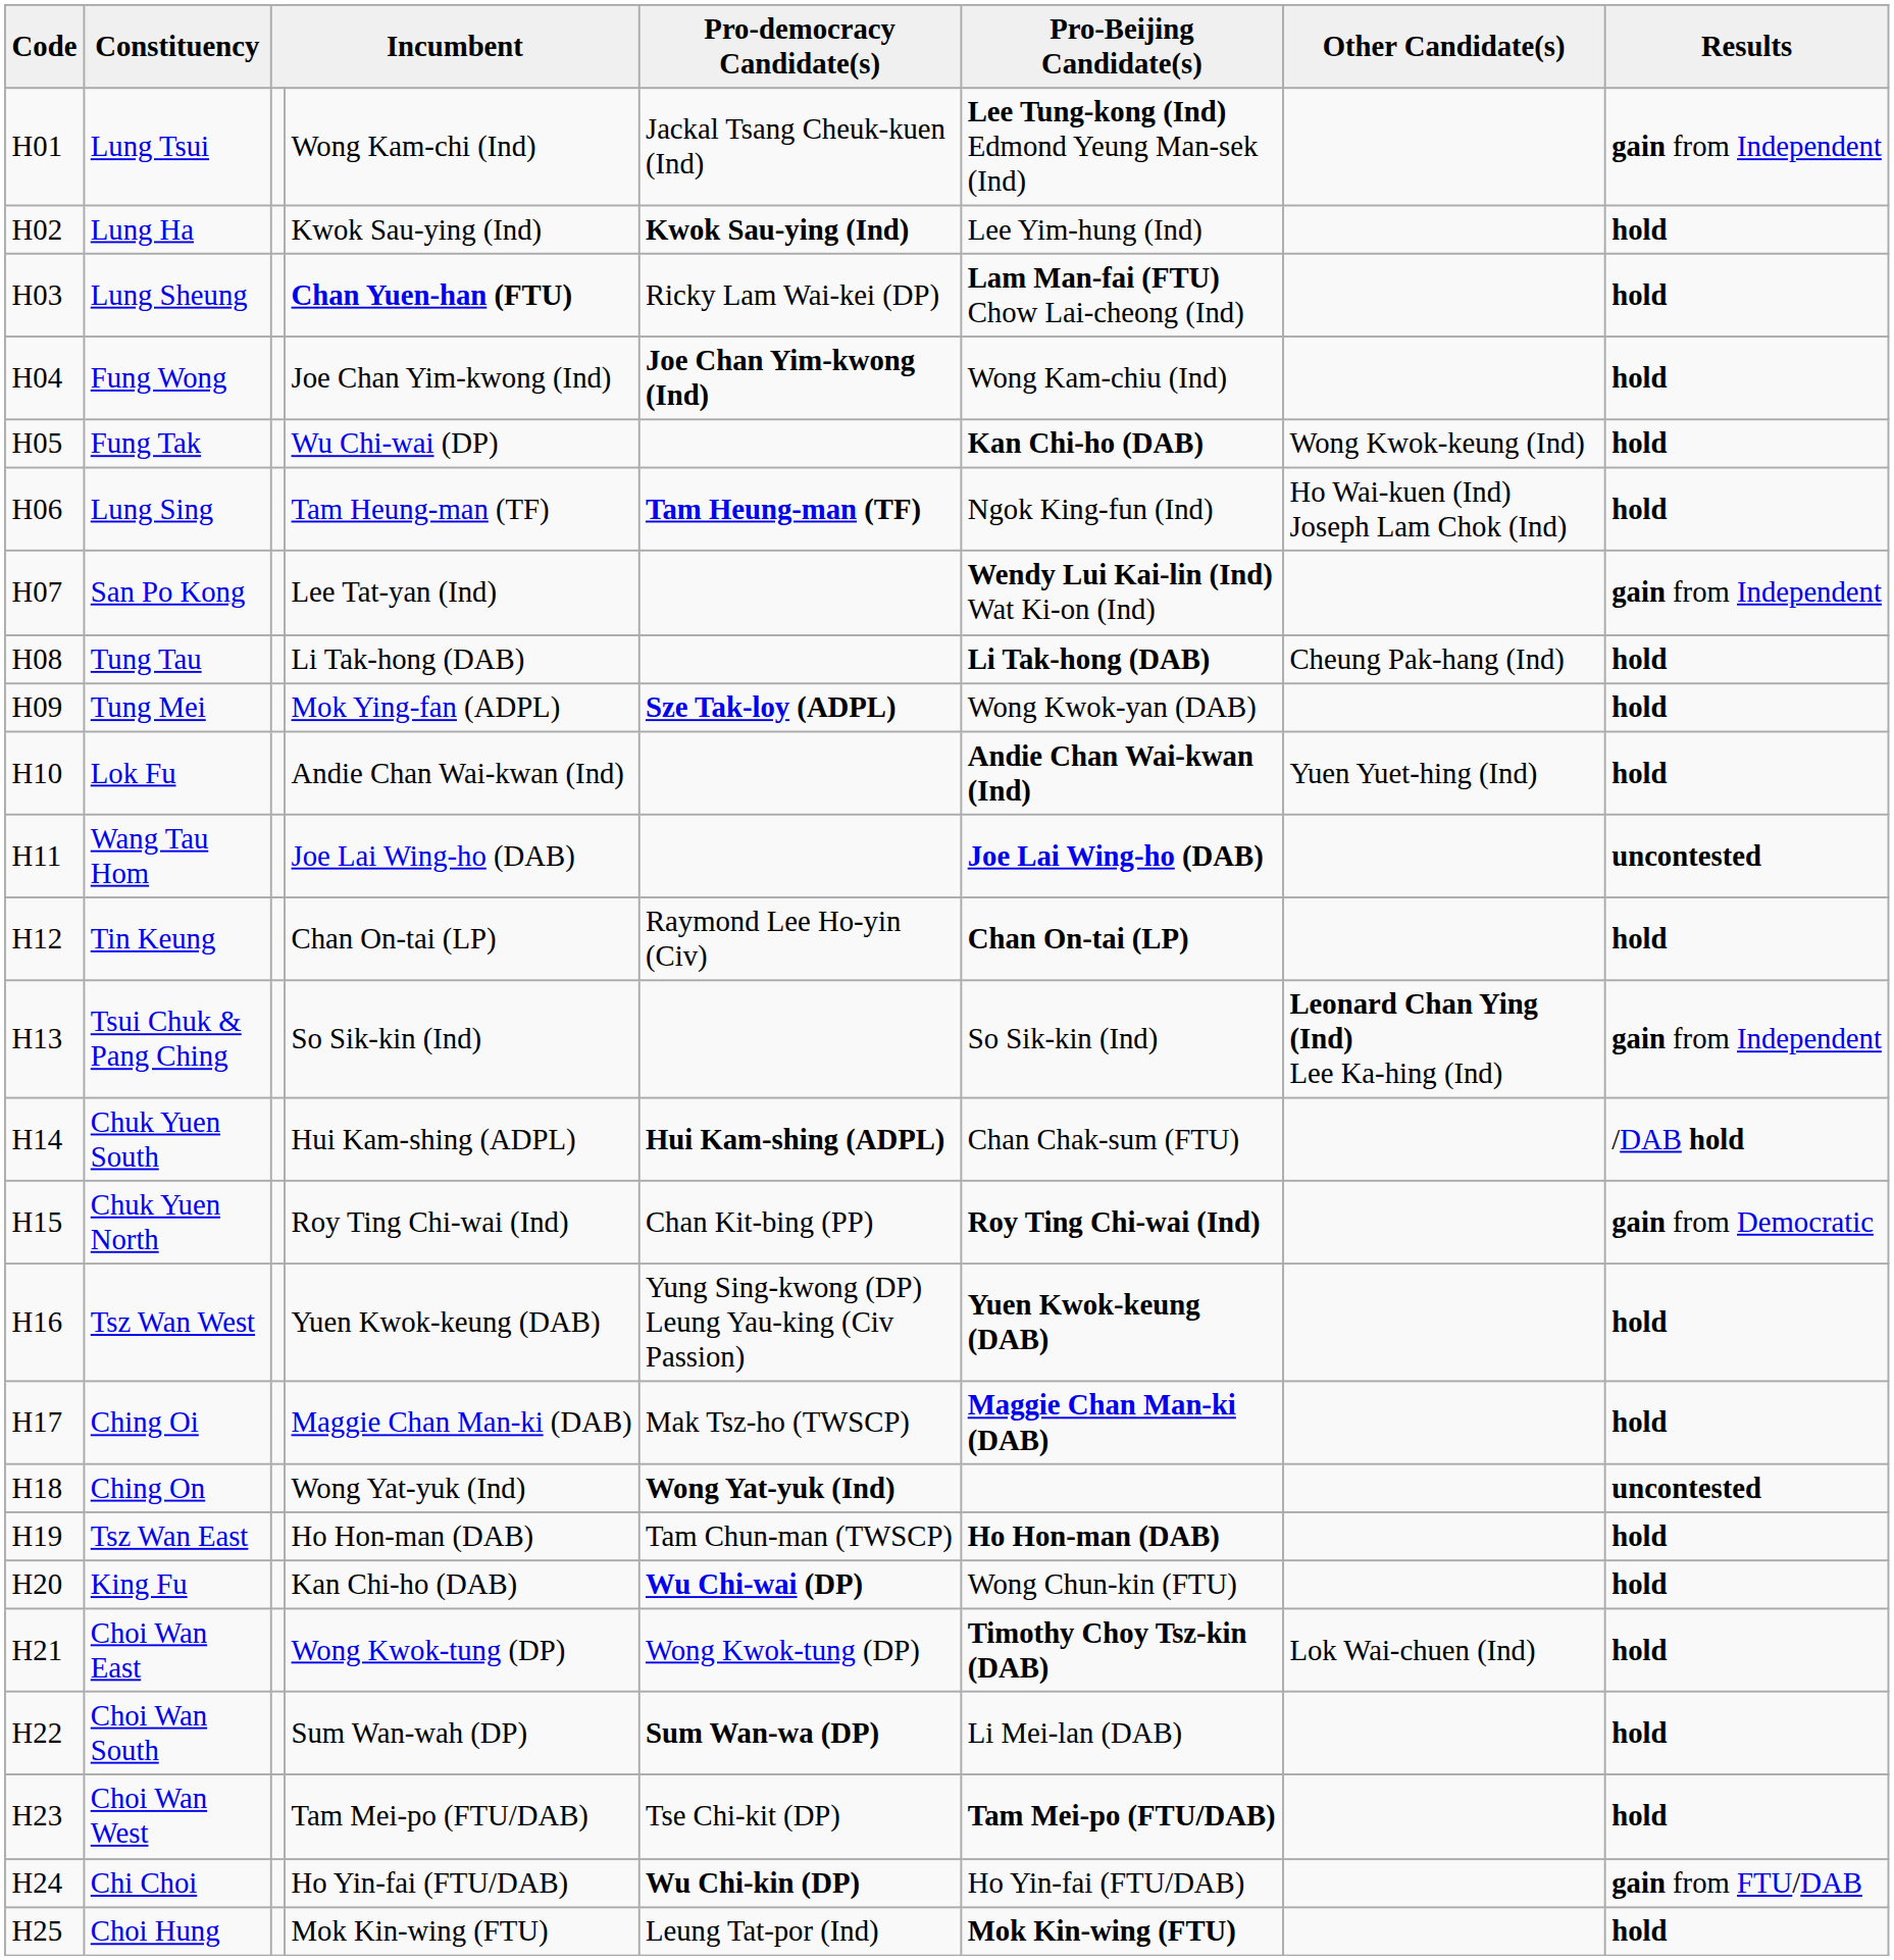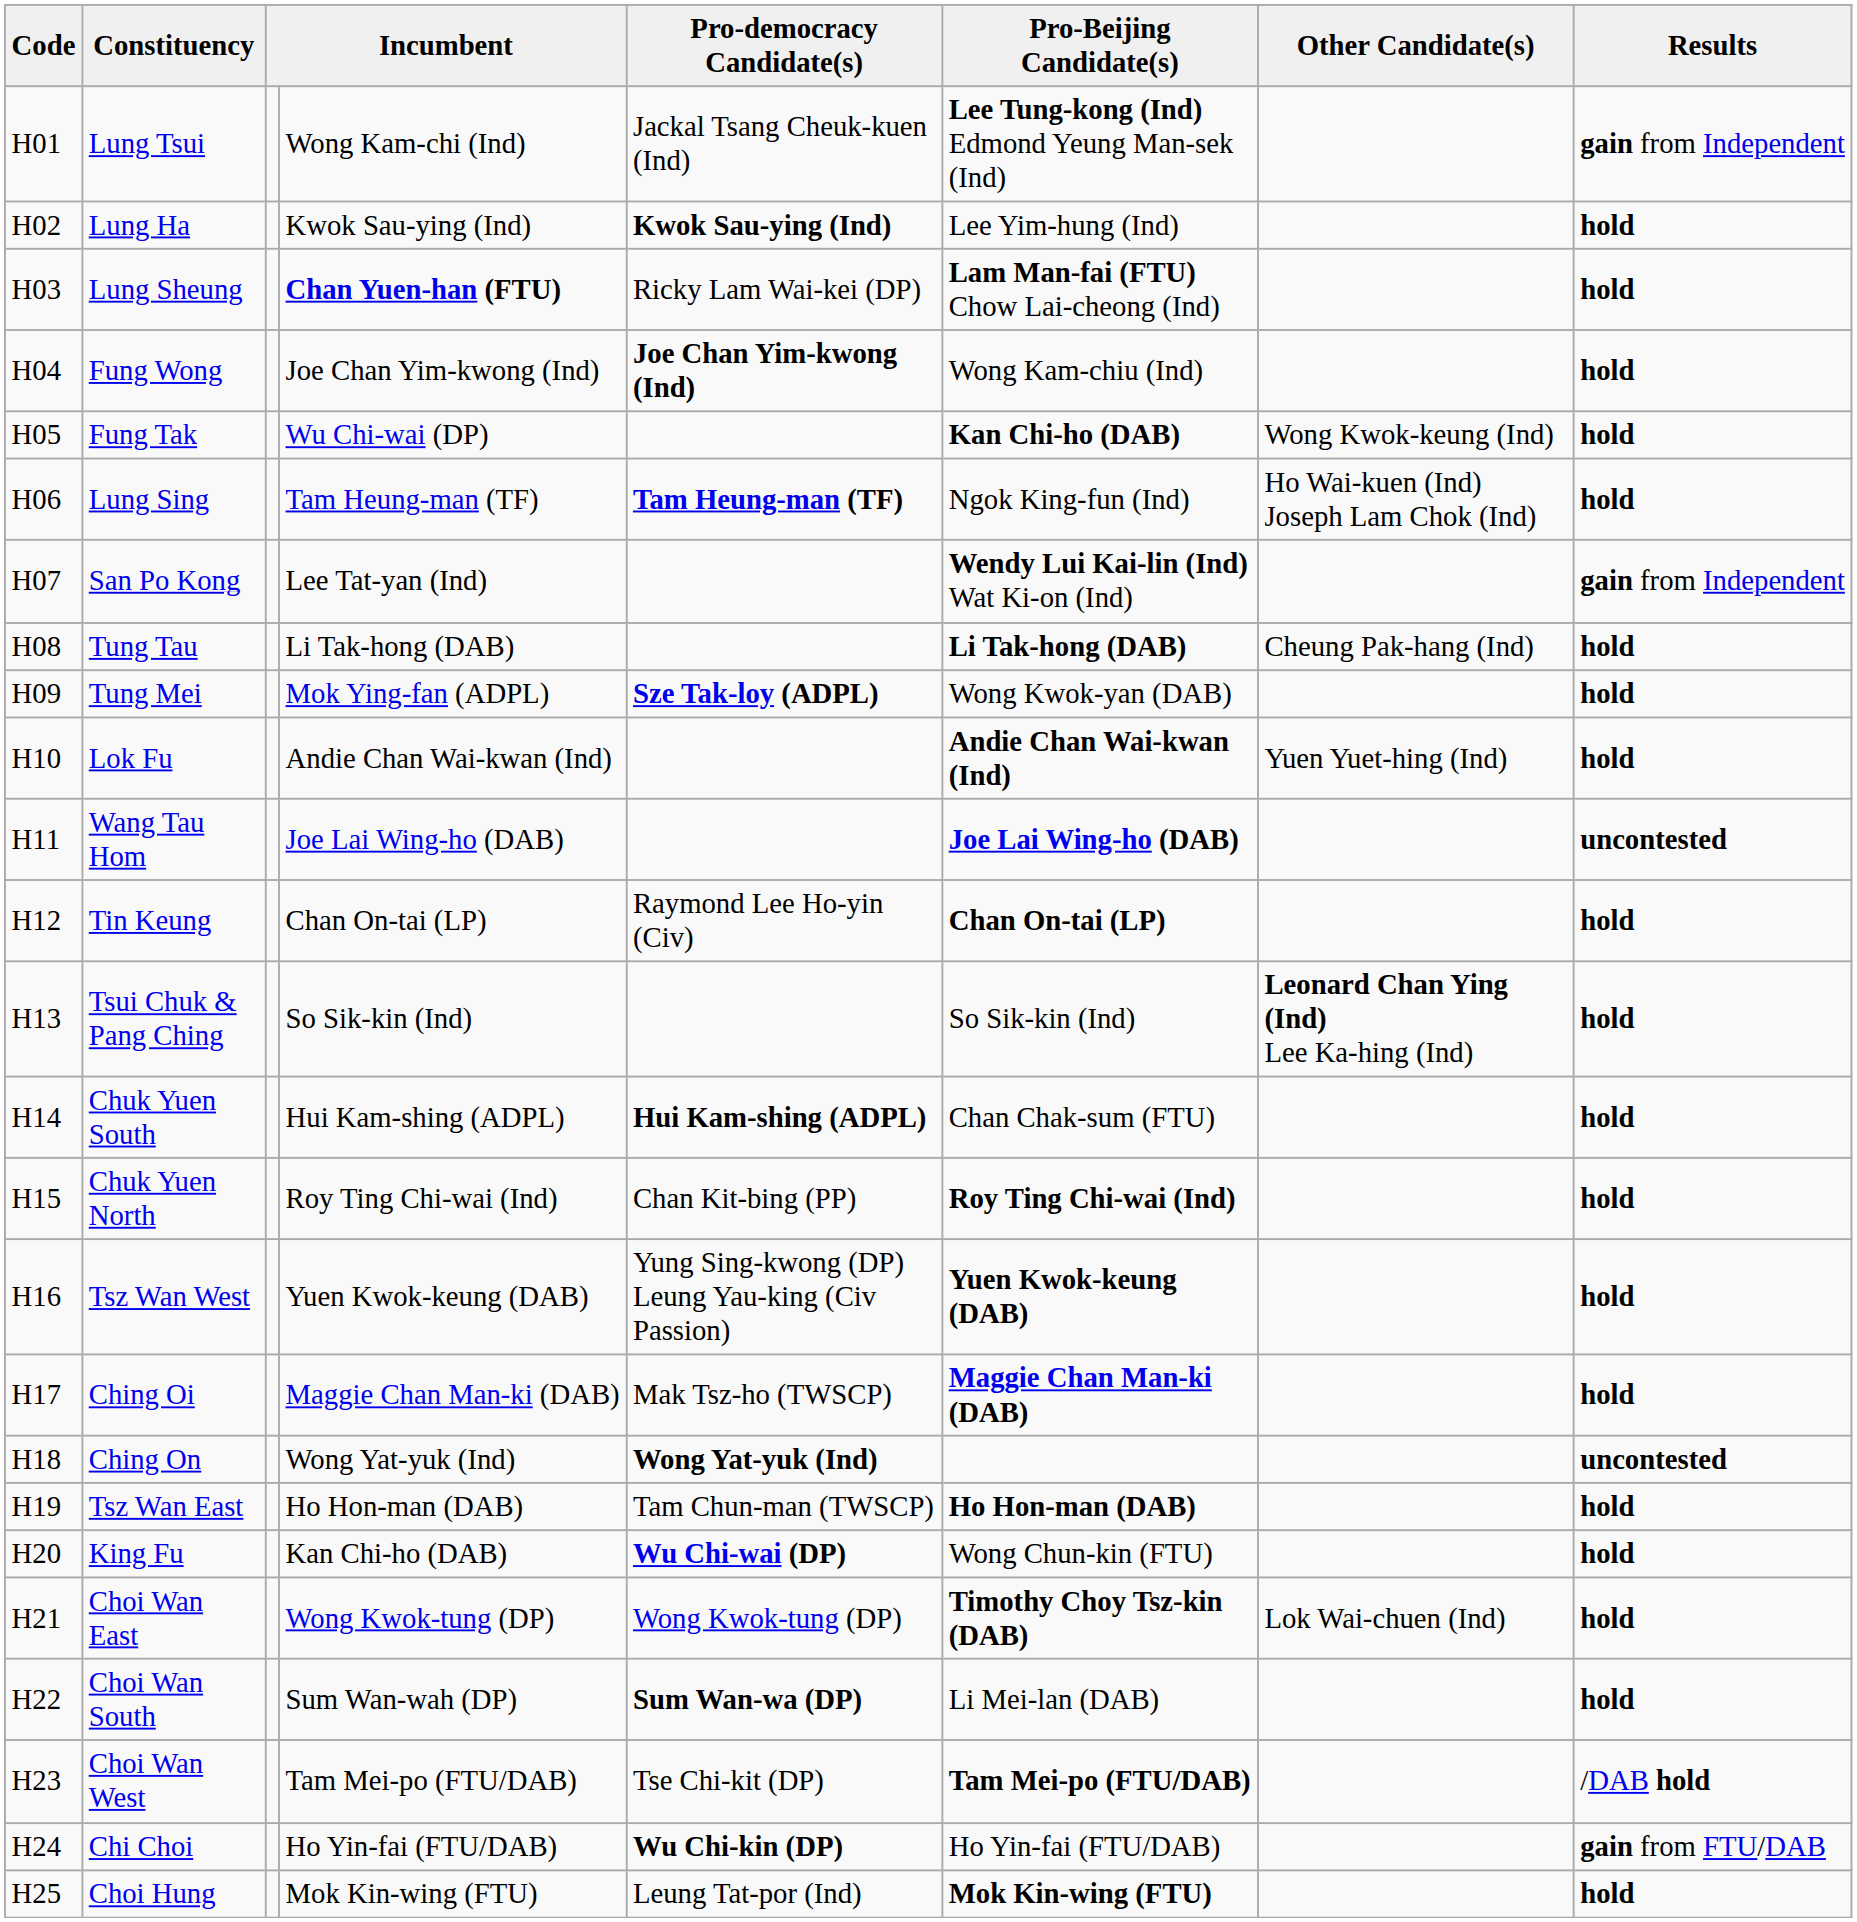 <table class="wikitable sortable" style="font-size: 95%;">
 <tr>
 <th align="center" style="background:#f0f0f0;" width="20px"><strong>Code</strong></th>
 <th align="center" style="background:#f0f0f0;" width="90px"><strong>Constituency</strong></th>
 <th align="center" style="background:#f0f0f0;" width="120px" colspan="2"><strong>Incumbent</strong></th>
 <th align="center" style="background:#f0f0f0;" width="160px"><strong>Pro-democracy Candidate(s)</strong></th>
 <th align="center" style="background:#f0f0f0;" width="160px"><strong>Pro-Beijing Candidate(s)</strong></th>
 <th align="center" style="background:#f0f0f0;" width="160px"><strong>Other Candidate(s)</strong></th>
 <th align="center" style="background:#f0f0f0;" width="100px" colspan="2"><strong>Results</strong></th>
 </tr>
 <tr>
 <td>H01</td>
 <td><a href='#'>Lung Tsui</a></td>
 <td></td>
 <td>Wong Kam-chi (Ind)</td>
 <td>Jackal Tsang Cheuk-kuen (Ind)</td>
 <td><strong>Lee Tung-kong (Ind)</strong><br>Edmond Yeung Man-sek (Ind)</td>
 <td></td>
 <td> <strong>gain</strong> from <a href='#'>Independent</a></td>
 </tr>
 <tr>
 <td>H02</td>
 <td><a href='#'>Lung Ha</a></td>
 <td></td>
 <td>Kwok Sau-ying (Ind)</td>
 <td><strong>Kwok Sau-ying (Ind)</strong></td>
 <td>Lee Yim-hung (Ind)</td>
 <td></td>
 <td> <strong>hold</strong></td>
 </tr>
 <tr>
 <td>H03</td>
 <td><a href='#'>Lung Sheung</a></td>
 <td></td>
 <td><strong><a href='#'>Chan Yuen-han</a> (FTU)</strong></td>
 <td>Ricky Lam Wai-kei (DP)</td>
 <td><strong>Lam Man-fai (FTU)</strong><br>Chow Lai-cheong (Ind)</td>
 <td></td>
 <td> <strong>hold</strong></td>
 </tr>
 <tr>
 <td>H04</td>
 <td><a href='#'>Fung Wong</a></td>
 <td></td>
 <td>Joe Chan Yim-kwong (Ind)</td>
 <td><strong>Joe Chan Yim-kwong (Ind)</strong></td>
 <td>Wong Kam-chiu (Ind)</td>
 <td></td>
 <td> <strong>hold</strong></td>
 </tr>
 <tr>
 <td>H05</td>
 <td><a href='#'>Fung Tak</a></td>
 <td></td>
 <td><a href='#'>Wu Chi-wai</a> (DP)</td>
 <td></td>
 <td><strong>Kan Chi-ho (DAB)</strong></td>
 <td>Wong Kwok-keung (Ind)</td>
 <td> <strong>hold</strong></td>
 </tr>
 <tr>
 <td>H06</td>
 <td><a href='#'>Lung Sing</a></td>
 <td></td>
 <td><a href='#'>Tam Heung-man</a> (TF)</td>
 <td><strong><a href='#'>Tam Heung-man</a> (TF)</strong></td>
 <td>Ngok King-fun (Ind)</td>
 <td>Ho Wai-kuen (Ind)<br>Joseph Lam Chok (Ind)</td>
 <td> <strong>hold</strong></td>
 </tr>
 <tr>
 <td>H07</td>
 <td><a href='#'>San Po Kong</a></td>
 <td></td>
 <td>Lee Tat-yan (Ind)</td>
 <td></td>
 <td><strong>Wendy Lui Kai-lin (Ind)</strong><br>Wat Ki-on (Ind)</td>
 <td></td>
 <td> <strong>gain</strong> from <a href='#'>Independent</a></td>
 </tr>
 <tr>
 <td>H08</td>
 <td><a href='#'>Tung Tau</a></td>
 <td></td>
 <td>Li Tak-hong (DAB)</td>
 <td></td>
 <td><strong>Li Tak-hong (DAB)</strong></td>
 <td>Cheung Pak-hang (Ind)</td>
 <td> <strong>hold</strong></td>
 </tr>
 <tr>
 <td>H09</td>
 <td><a href='#'>Tung Mei</a></td>
 <td></td>
 <td><a href='#'>Mok Ying-fan</a> (ADPL)</td>
 <td><strong><a href='#'>Sze Tak-loy</a> (ADPL)</strong></td>
 <td>Wong Kwok-yan (DAB)</td>
 <td></td>
 <td> <strong>hold</strong></td>
 </tr>
 <tr>
 <td>H10</td>
 <td><a href='#'>Lok Fu</a></td>
 <td></td>
 <td>Andie Chan Wai-kwan (Ind)</td>
 <td></td>
 <td><strong>Andie Chan Wai-kwan (Ind)</strong></td>
 <td>Yuen Yuet-hing (Ind)</td>
 <td> <strong>hold</strong></td>
 </tr>
 <tr>
 <td>H11</td>
 <td><a href='#'>Wang Tau Hom</a></td>
 <td></td>
 <td><a href='#'>Joe Lai Wing-ho</a> (DAB)</td>
 <td></td>
 <td><strong><a href='#'>Joe Lai Wing-ho</a> (DAB)</strong></td>
 <td></td>
 <td> <strong>uncontested</strong></td>
 </tr>
 <tr>
 <td>H12</td>
 <td><a href='#'>Tin Keung</a></td>
 <td></td>
 <td>Chan On-tai (LP)</td>
 <td>Raymond Lee Ho-yin (Civ)</td>
 <td><strong>Chan On-tai (LP)</strong></td>
 <td></td>
 <td> <strong>hold</strong></td>
 </tr>
 <tr>
 <td>H13</td>
 <td><a href='#'>Tsui Chuk & Pang Ching</a></td>
 <td></td>
 <td>So Sik-kin (Ind)</td>
 <td></td>
 <td>So Sik-kin (Ind)</td>
 <td><strong>Leonard Chan Ying (Ind)</strong><br>Lee Ka-hing (Ind)</td>
-<td> <strong>gain</strong> from <a href='#'>Independent</a></td>
+<td> <strong>hold</strong></td>
 </tr>
 <tr>
 <td>H14</td>
 <td><a href='#'>Chuk Yuen South</a></td>
 <td></td>
 <td>Hui Kam-shing (ADPL)</td>
 <td><strong>Hui Kam-shing (ADPL)</strong></td>
 <td>Chan Chak-sum (FTU)</td>
 <td></td>
-<td>/<a href='#'>DAB</a> <strong>hold</strong></td>
+<td> <strong>hold</strong></td>
 </tr>
 <tr>
 <td>H15</td>
 <td><a href='#'>Chuk Yuen North</a></td>
 <td></td>
 <td>Roy Ting Chi-wai (Ind)</td>
 <td>Chan Kit-bing (PP)</td>
 <td><strong>Roy Ting Chi-wai (Ind)</strong></td>
 <td></td>
-<td> <strong>gain</strong> from <a href='#'>Democratic</a></td>
+<td> <strong>hold</strong></td>
 </tr>
 <tr>
 <td>H16</td>
 <td><a href='#'>Tsz Wan West</a></td>
 <td></td>
 <td>Yuen Kwok-keung (DAB)</td>
 <td>Yung Sing-kwong (DP)<br>Leung Yau-king (Civ Passion)</td>
 <td><strong>Yuen Kwok-keung (DAB)</strong></td>
 <td></td>
 <td> <strong>hold</strong></td>
 </tr>
 <tr>
 <td>H17</td>
 <td><a href='#'>Ching Oi</a></td>
 <td></td>
 <td><a href='#'>Maggie Chan Man-ki</a> (DAB)</td>
 <td>Mak Tsz-ho (TWSCP)</td>
 <td><strong><a href='#'>Maggie Chan Man-ki</a> (DAB)</strong></td>
 <td></td>
 <td> <strong>hold</strong></td>
 </tr>
 <tr>
 <td>H18</td>
 <td><a href='#'>Ching On</a></td>
 <td></td>
 <td>Wong Yat-yuk (Ind)</td>
 <td><strong>Wong Yat-yuk (Ind)</strong></td>
 <td></td>
 <td></td>
 <td> <strong>uncontested</strong></td>
 </tr>
 <tr>
 <td>H19</td>
 <td><a href='#'>Tsz Wan East</a></td>
 <td></td>
 <td>Ho Hon-man (DAB)</td>
 <td>Tam Chun-man (TWSCP)</td>
 <td><strong>Ho Hon-man (DAB)</strong></td>
 <td></td>
 <td> <strong>hold</strong></td>
 </tr>
 <tr>
 <td>H20</td>
 <td><a href='#'>King Fu</a></td>
 <td></td>
 <td>Kan Chi-ho (DAB)</td>
 <td><strong><a href='#'>Wu Chi-wai</a> (DP)</strong></td>
 <td>Wong Chun-kin (FTU)</td>
 <td></td>
 <td> <strong>hold</strong></td>
 </tr>
 <tr>
 <td>H21</td>
 <td><a href='#'>Choi Wan East</a></td>
 <td></td>
 <td><a href='#'>Wong Kwok-tung</a> (DP)</td>
 <td><a href='#'>Wong Kwok-tung</a> (DP)</td>
 <td><strong>Timothy Choy Tsz-kin (DAB)</strong></td>
 <td>Lok Wai-chuen (Ind)</td>
 <td> <strong>hold</strong></td>
 </tr>
 <tr>
 <td>H22</td>
 <td><a href='#'>Choi Wan South</a></td>
 <td></td>
 <td>Sum Wan-wah (DP)</td>
 <td><strong>Sum Wan-wa (DP)</strong></td>
 <td>Li Mei-lan (DAB)</td>
 <td></td>
 <td> <strong>hold</strong></td>
 </tr>
 <tr>
 <td>H23</td>
 <td><a href='#'>Choi Wan West</a></td>
 <td></td>
 <td>Tam Mei-po  (FTU/DAB)</td>
 <td>Tse Chi-kit (DP)</td>
 <td><strong>Tam Mei-po (FTU/DAB)</strong></td>
 <td></td>
-<td> <strong>hold</strong></td>
+<td>/<a href='#'>DAB</a> <strong>hold</strong></td>
 </tr>
 <tr>
 <td>H24</td>
 <td><a href='#'>Chi Choi</a></td>
 <td></td>
 <td>Ho Yin-fai (FTU/DAB)</td>
 <td><strong>Wu Chi-kin (DP)</strong></td>
 <td>Ho Yin-fai (FTU/DAB)</td>
 <td></td>
 <td> <strong>gain</strong> from <a href='#'>FTU</a>/<a href='#'>DAB</a></td>
 </tr>
 <tr>
 <td>H25</td>
 <td><a href='#'>Choi Hung</a></td>
 <td></td>
 <td>Mok Kin-wing (FTU)</td>
 <td>Leung Tat-por (Ind)</td>
 <td><strong>Mok Kin-wing (FTU)</strong></td>
 <td></td>
 <td> <strong>hold</strong></td>
 </tr>
 </table>
